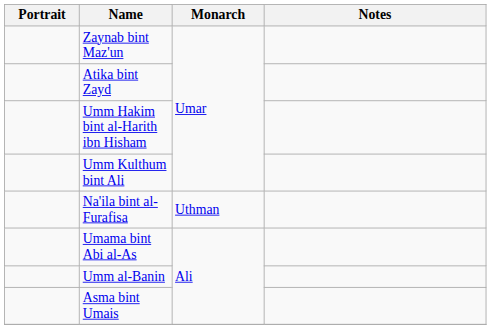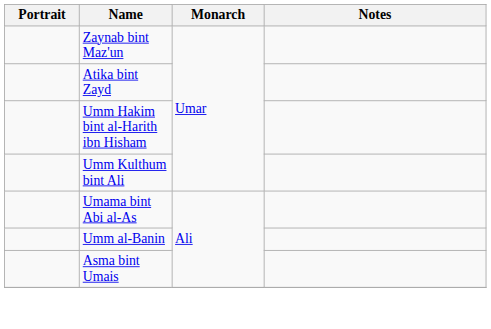 <table class="wikitable">
 <tr>
 <th width="80pt">Portrait</th>
 <th width="100pt">Name</th>
 <th width="100pt">Monarch</th>
 <th width="250pt">Notes</th>
 </tr>
 <tr>
 <td></td>
 <td><a href='#'>Zaynab bint Maz'un</a></td>
 <td rowspan="4"><a href='#'>Umar</a></td>
 <td></td>
 </tr>
 <tr>
 <td></td>
 <td><a href='#'>Atika bint Zayd</a></td>
 <td></td>
 </tr>
 <tr>
 <td></td>
 <td><a href='#'>Umm Hakim bint al-Harith ibn Hisham</a></td>
 <td></td>
 </tr>
 <tr>
 <td></td>
 <td><a href='#'>Umm Kulthum bint Ali</a></td>
 <td></td>
 </tr>
 <tr>
 <td></td>
-<td><a href='#'>Na'ila bint al-Furafisa</a></td>
-<td><a href='#'>Uthman</a></td>
-<td></td>
-</tr>
-<tr>
-<td></td>
 <td><a href='#'>Umama bint Abi al-As</a></td>
 <td rowspan="3"><a href='#'>Ali</a></td>
 <td></td>
 </tr>
 <tr>
 <td></td>
 <td><a href='#'>Umm al-Banin</a></td>
 <td></td>
 </tr>
 <tr>
 <td></td>
 <td><a href='#'>Asma bint Umais</a></td>
 <td></td>
 </tr>
 <tr>
 </tr>
 </table>
